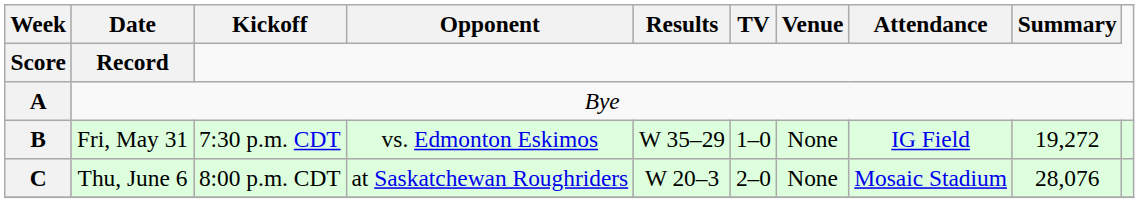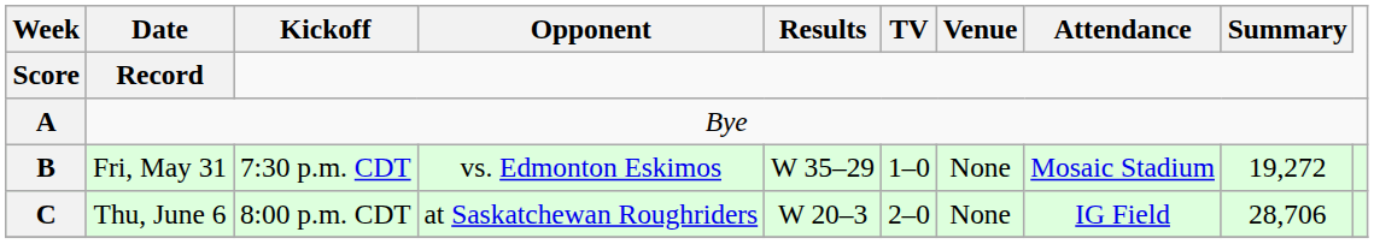 <table class="wikitable" style="font-size: 95%;">
 <tr>
 <th scope="col">Week</th>
 <th scope="col">Date</th>
 <th scope="col">Kickoff</th>
 <th scope="col">Opponent</th>
 <th scope="col">Results</th>
 <th scope="col">TV</th>
 <th scope="col">Venue</th>
 <th scope="col">Attendance</th>
 <th scope="col">Summary</th>
 </tr>
 <tr>
 <th scope="col">Score</th>
 <th scope="col">Record</th>
 </tr>
 <tr style= bgcolor="ffffff">
 <th align="center"><strong>A</strong></th>
 <td colspan=9 align="center" valign="middle"><em>Bye</em></td>
 </tr>
 <tr align="center" bgcolor="ddffdd">
 <th align="center"><strong>B</strong></th>
 <td align="center">Fri, May 31</td>
 <td align="center">7:30 p.m. <a href='#'>CDT</a></td>
 <td align="center">vs. <a href='#'>Edmonton Eskimos</a></td>
 <td align="center">W 35–29</td>
 <td align="center">1–0</td>
 <td align="center">None</td>
-<td align="center"><a href='#'>IG Field</a></td>
+<td align="center"><a href='#'>Mosaic Stadium</a></td>
 <td align="center">19,272</td>
 <td align="center"></td>
 </tr>
 <tr align="center" bgcolor="ddffdd">
 <th align="center"><strong>C</strong></th>
 <td align="center">Thu, June 6</td>
 <td align="center">8:00 p.m. CDT</td>
 <td align="center">at <a href='#'>Saskatchewan Roughriders</a></td>
 <td align="center">W 20–3</td>
 <td align="center">2–0</td>
 <td align="center">None</td>
-<td align="center"><a href='#'>Mosaic Stadium</a></td>
-<td align="center">28,076</td>
+<td align="center"><a href='#'>IG Field</a></td>
+<td align="center">28,706</td>
 <td align="center"></td>
 </tr>
 <tr align="center" bgcolor="ffffff">
 </tr>
 </table>
